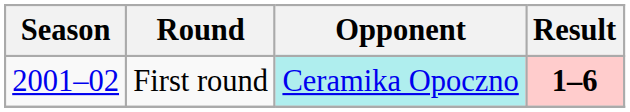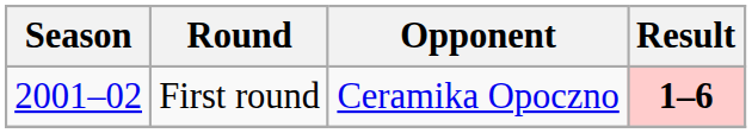 <table class=wikitable style="font-size: 90%; style="width: 70%; text-align:center">
 <tr>
 <th>Season</th>
 <th>Round</th>
 <th>Opponent</th>
 <th>Result</th>
 </tr>
 <tr>
 <td><a href='#'>2001–02</a></td>
 <td>First round</td>
-<td style="background: paleturquoise;"><a href='#'>Ceramika Opoczno</a></td>
+<td><a href='#'>Ceramika Opoczno</a></td>
 <td align="center" style="background:#FFCCCC;"><strong>1–6</strong></td>
 </tr>
 <tr>
 </tr>
 </table>
